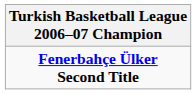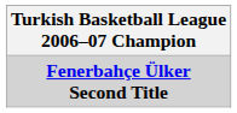 <table class=wikitable style="text-align:center; margin:auto">
 <tr>
 <th>Turkish Basketball League <br> 2006–07 Champion</th>
 </tr>
 <tr>
-<td><strong><a href='#'>Fenerbahçe Ülker</a></strong> <br> <strong>Second Title</strong></td>
+<td style="background: lightgrey;"><strong><a href='#'>Fenerbahçe Ülker</a></strong> <br> <strong>Second Title</strong></td>
 </tr>
 </table>
